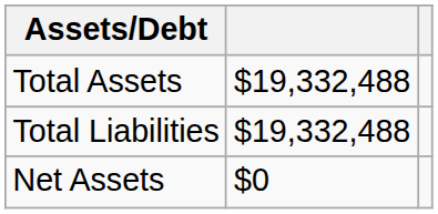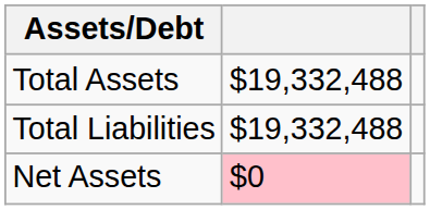 <table class="wikitable">
 <tr>
 <th>Assets/Debt</th>
 <th></th>
 <th></th>
 </tr>
 <tr>
 <td>Total Assets</td>
 <td>$19,332,488</td>
 <td></td>
 </tr>
 <tr>
 <td>Total Liabilities</td>
 <td>$19,332,488</td>
 <td></td>
 </tr>
 <tr>
 <td>Net Assets</td>
-<td>$0</td>
+<td style="background: pink;">$0</td>
 </tr>
 </table>
